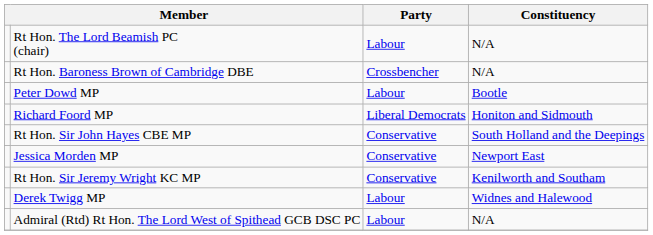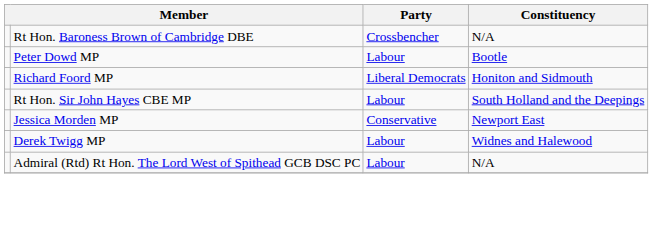 <table class="wikitable">
 <tr>
 <th colspan="2" valign="top">Member</th>
 <th valign="top">Party</th>
 <th valign="top">Constituency</th>
-</tr>
-<tr>
-<td style="color:inherit;background:"></td>
-<td>Rt Hon. <a href='#'>The Lord Beamish</a> PC <br>(chair)</td>
-<td><a href='#'>Labour</a></td>
-<td>N/A</td>
 </tr>
 <tr>
 <td style="color:inherit;background:"></td>
 <td>Rt Hon. <a href='#'>Baroness Brown of Cambridge</a> DBE</td>
 <td><a href='#'>Crossbencher</a></td>
 <td>N/A</td>
 </tr>
 <tr>
 <td style="color:inherit;background:"></td>
 <td><a href='#'>Peter Dowd</a> MP</td>
 <td><a href='#'>Labour</a></td>
 <td><a href='#'>Bootle</a></td>
 </tr>
 <tr>
 <td style="color:inherit;background:"></td>
 <td><a href='#'>Richard Foord</a> MP</td>
 <td><a href='#'>Liberal Democrats</a></td>
 <td><a href='#'>Honiton and Sidmouth</a></td>
 </tr>
 <tr>
 <td style="color:inherit;background:"></td>
 <td>Rt Hon. <a href='#'>Sir John Hayes</a> CBE MP</td>
-<td><a href='#'>Conservative</a></td>
+<td><a href='#'>Labour</a></td>
 <td><a href='#'>South Holland and the Deepings</a></td>
 </tr>
 <tr>
 <td style="color:inherit;background:"></td>
 <td><a href='#'>Jessica Morden</a> MP</td>
 <td><a href='#'>Conservative</a></td>
 <td><a href='#'>Newport East</a></td>
-</tr>
-<tr>
-<td style="color:inherit;background:"></td>
-<td>Rt Hon. <a href='#'>Sir Jeremy Wright</a> KC MP</td>
-<td><a href='#'>Conservative</a></td>
-<td><a href='#'>Kenilworth and Southam</a></td>
 </tr>
 <tr>
 <td style="color:inherit;background:"></td>
 <td><a href='#'>Derek Twigg</a> MP</td>
 <td><a href='#'>Labour</a></td>
 <td><a href='#'>Widnes and Halewood</a></td>
 </tr>
 <tr>
 <td style="color:inherit;background:"></td>
 <td>Admiral (Rtd) Rt Hon. <a href='#'>The Lord West of Spithead</a> GCB DSC PC</td>
 <td><a href='#'>Labour</a></td>
 <td>N/A</td>
 </tr>
 <tr>
 </tr>
 </table>
